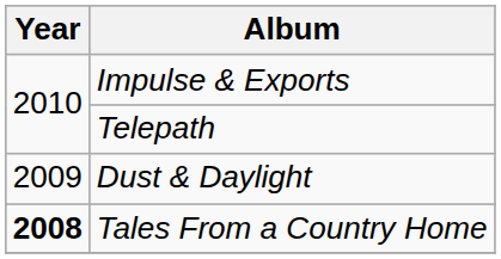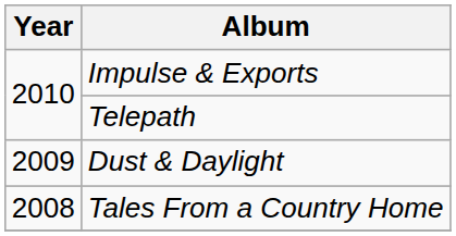 <table class="wikitable">
 <tr>
 <th align'"center">Year</th>
 <th align="center">Album</th>
 </tr>
 <tr>
 <td align="center" rowspan=2>2010</td>
 <td align="left"><em>Impulse & Exports</em></td>
 </tr>
 <tr>
 <td align="left"><em>Telepath</em></td>
 </tr>
 <tr>
 <td align="center">2009</td>
 <td align="left"><em>Dust & Daylight</em></td>
 </tr>
 <tr>
-<td align="center"><strong>2008</strong></td>
+<td align="center">2008</td>
 <td align="left"><em>Tales From a Country Home</em></td>
 </tr>
 <tr>
 </tr>
 </table>
